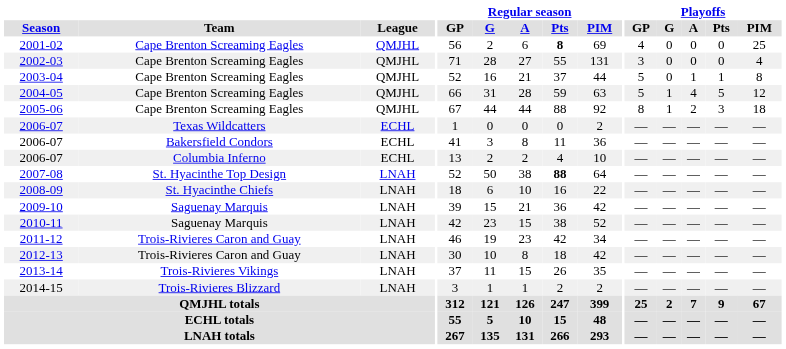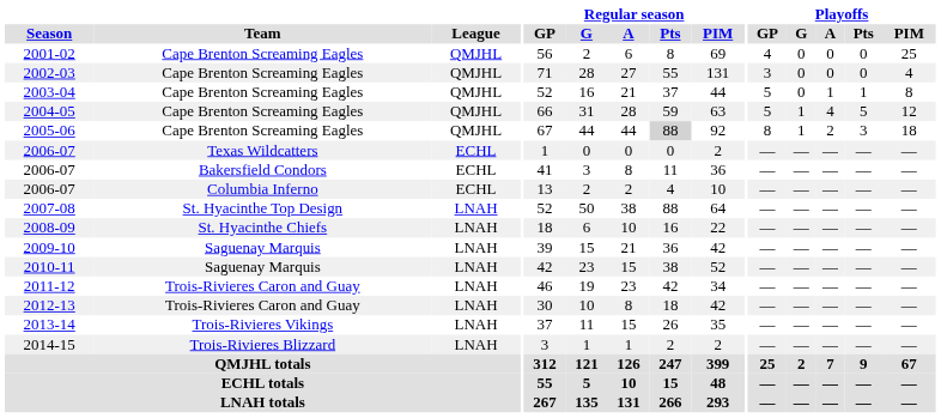 <table cellspacing="0" cellpadding="1" border="0" style="text-align:center; width:60em">
 <tr>
 <th colspan="3" bgcolor="#ffffff"></th>
 <th rowspan="92" bgcolor="#ffffff"></th>
 <th colspan="5"><a href='#'>Regular season</a></th>
 <th rowspan="92" bgcolor="#ffffff"></th>
 <th colspan="5"><a href='#'>Playoffs</a></th>
 </tr>
 <tr bgcolor="#e0e0e0">
 <th><a href='#'>Season</a></th>
 <th>Team</th>
 <th>League</th>
 <th>GP</th>
 <th><a href='#'>G</a></th>
 <th><a href='#'>A</a></th>
 <th><a href='#'>Pts</a></th>
 <th><a href='#'>PIM</a></th>
 <th>GP</th>
 <th>G</th>
 <th>A</th>
 <th>Pts</th>
 <th>PIM</th>
 </tr>
 <tr>
 <td><a href='#'>2001-02</a></td>
 <td><a href='#'>Cape Brenton Screaming Eagles</a></td>
 <td><a href='#'>QMJHL</a></td>
 <td>56</td>
 <td>2</td>
 <td>6</td>
-<td><strong>8</strong></td>
+<td>8</td>
 <td>69</td>
 <td>4</td>
 <td>0</td>
 <td>0</td>
 <td>0</td>
 <td>25</td>
 </tr>
 <tr bgcolor="#f0f0f0">
 <td><a href='#'>2002-03</a></td>
 <td>Cape Brenton Screaming Eagles</td>
 <td>QMJHL</td>
 <td>71</td>
 <td>28</td>
 <td>27</td>
 <td>55</td>
 <td>131</td>
 <td>3</td>
 <td>0</td>
 <td>0</td>
 <td>0</td>
 <td>4</td>
 </tr>
 <tr>
 <td><a href='#'>2003-04</a></td>
 <td>Cape Brenton Screaming Eagles</td>
 <td>QMJHL</td>
 <td>52</td>
 <td>16</td>
 <td>21</td>
 <td>37</td>
 <td>44</td>
 <td>5</td>
 <td>0</td>
 <td>1</td>
 <td>1</td>
 <td>8</td>
 </tr>
 <tr bgcolor="#f0f0f0">
 <td><a href='#'>2004-05</a></td>
 <td>Cape Brenton Screaming Eagles</td>
 <td>QMJHL</td>
 <td>66</td>
 <td>31</td>
 <td>28</td>
 <td>59</td>
 <td>63</td>
 <td>5</td>
 <td>1</td>
 <td>4</td>
 <td>5</td>
 <td>12</td>
 </tr>
 <tr>
 <td><a href='#'>2005-06</a></td>
 <td>Cape Brenton Screaming Eagles</td>
 <td>QMJHL</td>
 <td>67</td>
 <td>44</td>
 <td>44</td>
-<td>88</td>
+<td style="background: lightgrey;">88</td>
 <td>92</td>
 <td>8</td>
 <td>1</td>
 <td>2</td>
 <td>3</td>
 <td>18</td>
 </tr>
 <tr bgcolor="#f0f0f0">
 <td><a href='#'>2006-07</a></td>
 <td><a href='#'>Texas Wildcatters</a></td>
 <td><a href='#'>ECHL</a></td>
 <td>1</td>
 <td>0</td>
 <td>0</td>
 <td>0</td>
 <td>2</td>
 <td>—</td>
 <td>—</td>
 <td>—</td>
 <td>—</td>
 <td>—</td>
 </tr>
 <tr>
 <td>2006-07</td>
 <td><a href='#'>Bakersfield Condors</a></td>
 <td>ECHL</td>
 <td>41</td>
 <td>3</td>
 <td>8</td>
 <td>11</td>
 <td>36</td>
 <td>—</td>
 <td>—</td>
 <td>—</td>
 <td>—</td>
 <td>—</td>
 </tr>
 <tr bgcolor="#f0f0f0">
 <td>2006-07</td>
 <td><a href='#'>Columbia Inferno</a></td>
 <td>ECHL</td>
 <td>13</td>
 <td>2</td>
 <td>2</td>
 <td>4</td>
 <td>10</td>
 <td>—</td>
 <td>—</td>
 <td>—</td>
 <td>—</td>
 <td>—</td>
 </tr>
 <tr>
 <td><a href='#'>2007-08</a></td>
 <td><a href='#'>St. Hyacinthe Top Design</a></td>
 <td><a href='#'>LNAH</a></td>
 <td>52</td>
 <td>50</td>
 <td>38</td>
-<td><strong>88</strong></td>
+<td>88</td>
 <td>64</td>
 <td>—</td>
 <td>—</td>
 <td>—</td>
 <td>—</td>
 <td>—</td>
 </tr>
 <tr bgcolor="#f0f0f0">
 <td><a href='#'>2008-09</a></td>
 <td><a href='#'>St. Hyacinthe Chiefs</a></td>
 <td>LNAH</td>
 <td>18</td>
 <td>6</td>
 <td>10</td>
 <td>16</td>
 <td>22</td>
 <td>—</td>
 <td>—</td>
 <td>—</td>
 <td>—</td>
 <td>—</td>
 </tr>
 <tr>
 <td><a href='#'>2009-10</a></td>
 <td><a href='#'>Saguenay Marquis</a></td>
 <td>LNAH</td>
 <td>39</td>
 <td>15</td>
 <td>21</td>
 <td>36</td>
 <td>42</td>
 <td>—</td>
 <td>—</td>
 <td>—</td>
 <td>—</td>
 <td>—</td>
 </tr>
 <tr bgcolor="#f0f0f0">
 <td><a href='#'>2010-11</a></td>
 <td>Saguenay Marquis</td>
 <td>LNAH</td>
 <td>42</td>
 <td>23</td>
 <td>15</td>
 <td>38</td>
 <td>52</td>
 <td>—</td>
 <td>—</td>
 <td>—</td>
 <td>—</td>
 <td>—</td>
 </tr>
 <tr>
 <td><a href='#'>2011-12</a></td>
 <td><a href='#'>Trois-Rivieres Caron and Guay</a></td>
 <td>LNAH</td>
 <td>46</td>
 <td>19</td>
 <td>23</td>
 <td>42</td>
 <td>34</td>
 <td>—</td>
 <td>—</td>
 <td>—</td>
 <td>—</td>
 <td>—</td>
 </tr>
 <tr bgcolor="#f0f0f0">
 <td><a href='#'>2012-13</a></td>
 <td>Trois-Rivieres Caron and Guay</td>
 <td>LNAH</td>
 <td>30</td>
 <td>10</td>
 <td>8</td>
 <td>18</td>
 <td>42</td>
 <td>—</td>
 <td>—</td>
 <td>—</td>
 <td>—</td>
 <td>—</td>
 </tr>
 <tr>
 <td><a href='#'>2013-14</a></td>
 <td><a href='#'>Trois-Rivieres Vikings</a></td>
 <td>LNAH</td>
 <td>37</td>
 <td>11</td>
 <td>15</td>
 <td>26</td>
 <td>35</td>
 <td>—</td>
 <td>—</td>
 <td>—</td>
 <td>—</td>
 <td>—</td>
 </tr>
 <tr bgcolor="#f0f0f0">
 <td>2014-15</td>
 <td><a href='#'>Trois-Rivieres Blizzard</a></td>
 <td>LNAH</td>
 <td>3</td>
 <td>1</td>
 <td>1</td>
 <td>2</td>
 <td>2</td>
 <td>—</td>
 <td>—</td>
 <td>—</td>
 <td>—</td>
 <td>—</td>
 </tr>
 <tr bgcolor="#e0e0e0">
 <th colspan="3">QMJHL totals</th>
 <th>312</th>
 <th>121</th>
 <th>126</th>
 <th>247</th>
 <th>399</th>
 <th>25</th>
 <th>2</th>
 <th>7</th>
 <th>9</th>
 <th>67</th>
 </tr>
 <tr bgcolor="#e0e0e0">
 <th colspan="3">ECHL totals</th>
 <th>55</th>
 <th>5</th>
 <th>10</th>
 <th>15</th>
 <th>48</th>
 <th>—</th>
 <th>—</th>
 <th>—</th>
 <th>—</th>
 <th>—</th>
 </tr>
 <tr bgcolor="#e0e0e0">
 <th colspan="3">LNAH totals</th>
 <th>267</th>
 <th>135</th>
 <th>131</th>
 <th>266</th>
 <th>293</th>
 <th>—</th>
 <th>—</th>
 <th>—</th>
 <th>—</th>
 <th>—</th>
 </tr>
 </table>
